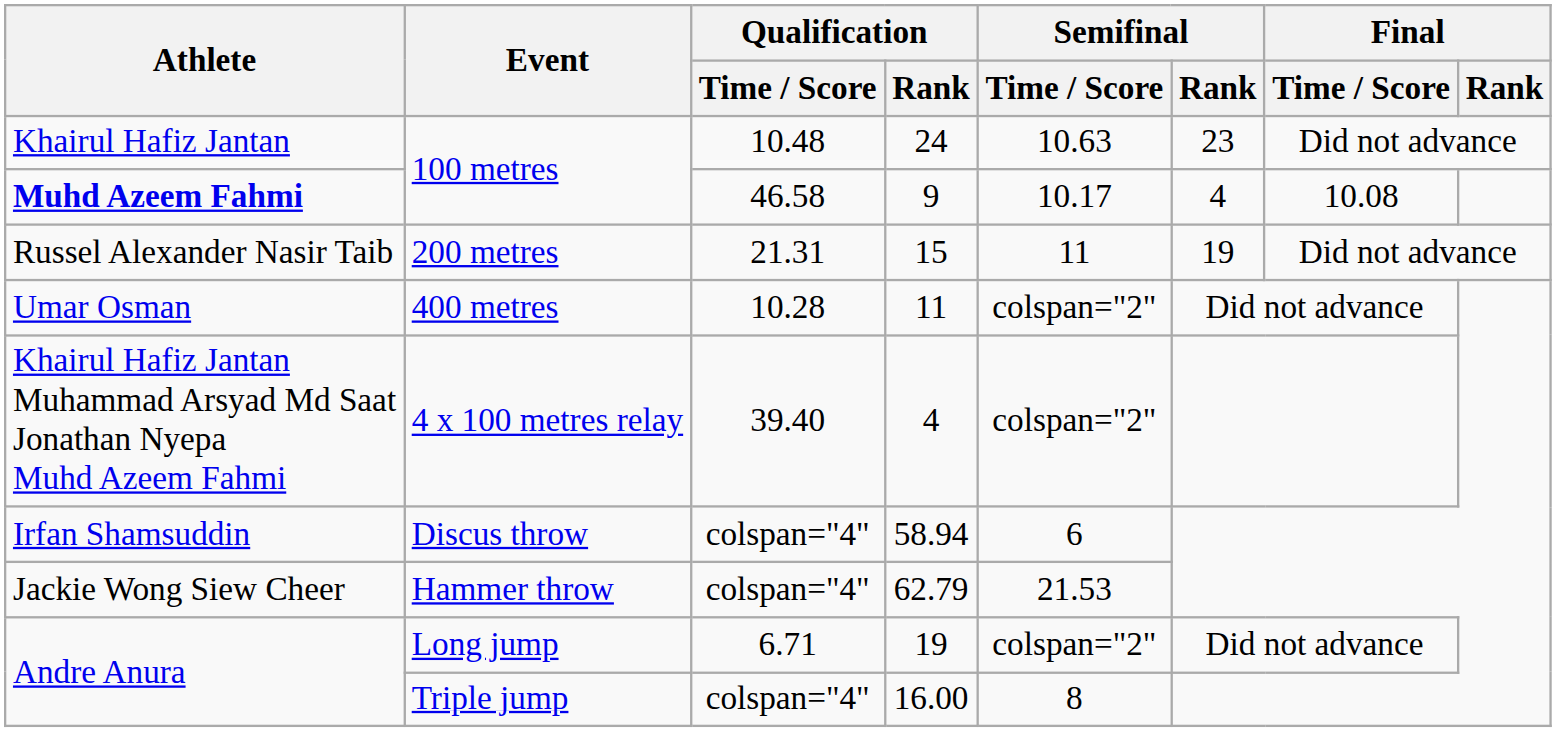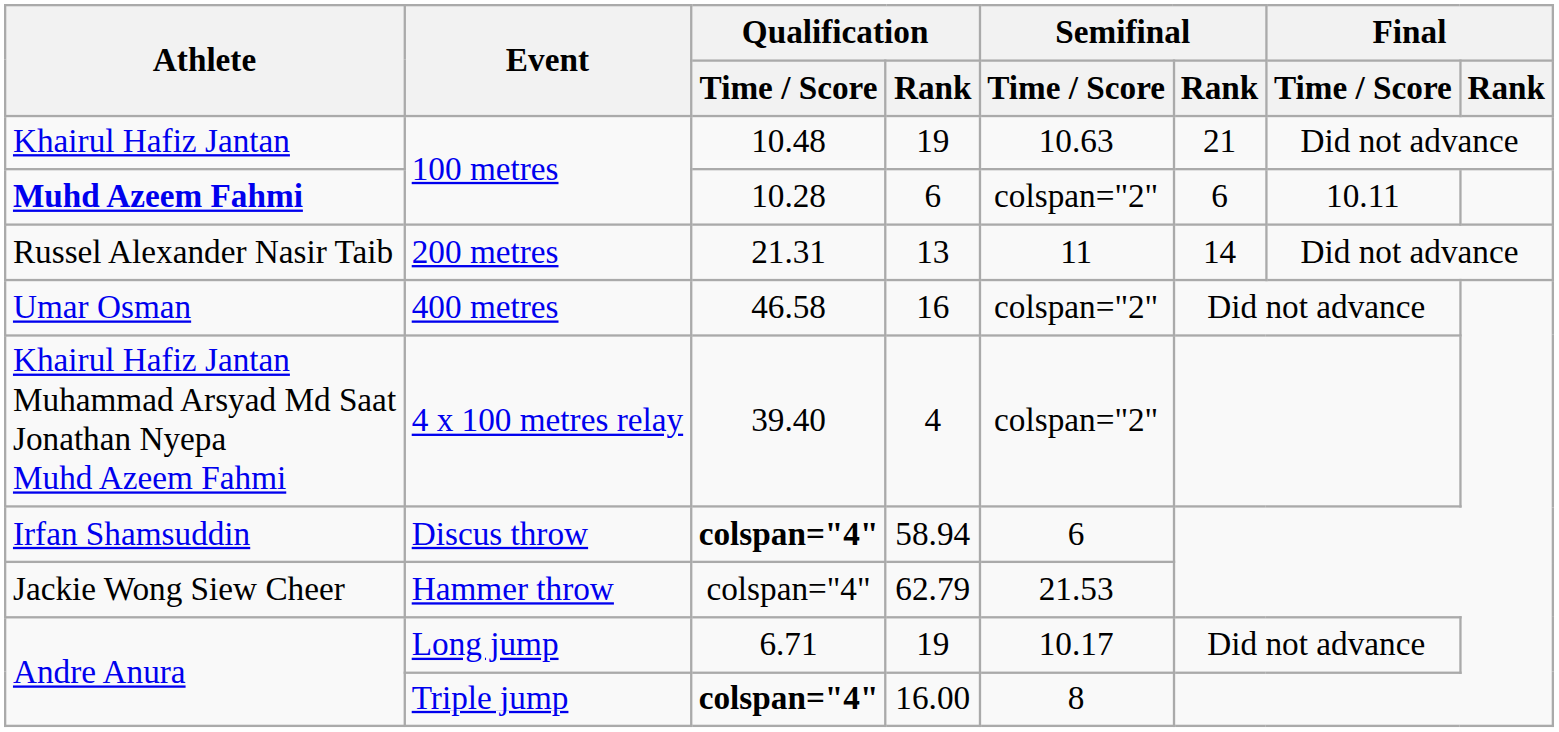 <table class="wikitable" style="font-size:90%;text-align:center">
 <tr>
 <th rowspan="2">Athlete</th>
 <th rowspan="2">Event</th>
 <th colspan="2">Qualification</th>
 <th colspan="2">Semifinal</th>
 <th colspan="2">Final</th>
 </tr>
 <tr>
 <th>Time / Score</th>
 <th>Rank</th>
 <th>Time / Score</th>
 <th>Rank</th>
 <th>Time / Score</th>
 <th>Rank</th>
 </tr>
 <tr>
 <td align="left"><a href='#'>Khairul Hafiz Jantan</a></td>
 <td align="left" rowspan="2"><a href='#'>100 metres</a></td>
 <td>10.48</td>
-<td>24 <strong></strong></td>
+<td>19 <strong></strong></td>
 <td>10.63</td>
-<td>23</td>
+<td>21</td>
 <td colspan="2">Did not advance</td>
 </tr>
 <tr>
 <td align="left"><strong><a href='#'>Muhd Azeem Fahmi</a></strong></td>
-<td>46.58</td>
-<td>9 <strong></strong></td>
-<td>10.17</td>
-<td>4 <strong></strong></td>
-<td>10.08</td>
+<td>10.28</td>
+<td>6 <strong></strong></td>
+<td>colspan="2" </td>
+<td>6 <strong></strong></td>
+<td>10.11</td>
 <td></td>
 </tr>
 <tr>
 <td align="left">Russel Alexander Nasir Taib</td>
 <td align="left"><a href='#'>200 metres</a></td>
 <td>21.31</td>
-<td>15 <strong></strong></td>
+<td>13 <strong></strong></td>
 <td>11</td>
-<td>19</td>
+<td>14</td>
 <td colspan="2">Did not advance</td>
 </tr>
 <tr>
 <td align="left"><a href='#'>Umar Osman</a></td>
 <td align="left"><a href='#'>400 metres</a></td>
-<td>10.28</td>
-<td>11</td>
+<td>46.58</td>
+<td>16</td>
 <td>colspan="2" </td>
 <td colspan="2">Did not advance</td>
 </tr>
 <tr>
 <td align="left"><a href='#'>Khairul Hafiz Jantan</a><br>Muhammad Arsyad Md Saat<br>Jonathan Nyepa<br><a href='#'>Muhd Azeem Fahmi</a></td>
 <td align="left"><a href='#'>4 x 100 metres relay</a></td>
 <td>39.40 <strong></strong></td>
 <td>4 <strong></strong></td>
 <td>colspan="2" </td>
 <td colspan="2"><strong></strong></td>
 </tr>
 <tr>
 <td align="left"><a href='#'>Irfan Shamsuddin</a></td>
 <td align="left"><a href='#'>Discus throw</a></td>
-<td>colspan="4" </td>
+<td><strong>colspan="4" </strong></td>
 <td>58.94</td>
 <td>6</td>
 </tr>
 <tr>
 <td align="left">Jackie Wong Siew Cheer</td>
 <td align="left"><a href='#'>Hammer throw</a></td>
 <td>colspan="4" </td>
 <td>62.79</td>
 <td>21.53</td>
 </tr>
 <tr>
 <td align="left" rowspan="2"><a href='#'>Andre Anura</a></td>
 <td align="left"><a href='#'>Long jump</a></td>
 <td>6.71</td>
 <td>19</td>
-<td>colspan="2" </td>
+<td>10.17</td>
 <td colspan="2">Did not advance</td>
 </tr>
 <tr>
 <td align="left"><a href='#'>Triple jump</a></td>
-<td>colspan="4" </td>
+<td><strong>colspan="4" </strong></td>
 <td>16.00</td>
 <td>8</td>
 </tr>
 </table>
